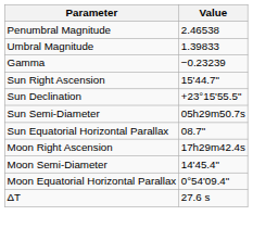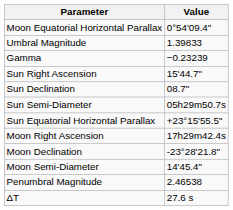 <table class="wikitable">
 <tr>
 <th>Parameter</th>
 <th>Value</th>
 </tr>
 <tr>
-<td>Penumbral Magnitude</td>
-<td>2.46538</td>
+<td>Moon Equatorial Horizontal Parallax</td>
+<td>0°54'09.4"</td>
 </tr>
 <tr>
 <td>Umbral Magnitude</td>
 <td>1.39833</td>
 </tr>
 <tr>
 <td>Gamma</td>
 <td>−0.23239</td>
 </tr>
 <tr>
 <td>Sun Right Ascension</td>
 <td>15'44.7"</td>
 </tr>
 <tr>
 <td>Sun Declination</td>
-<td>+23°15'55.5"</td>
+<td>08.7"</td>
 </tr>
 <tr>
 <td>Sun Semi-Diameter</td>
 <td>05h29m50.7s</td>
 </tr>
 <tr>
 <td>Sun Equatorial Horizontal Parallax</td>
-<td>08.7"</td>
+<td>+23°15'55.5"</td>
 </tr>
 <tr>
 <td>Moon Right Ascension</td>
 <td>17h29m42.4s</td>
 </tr>
 <tr>
+<td>Moon Declination</td>
+<td>-23°28'21.8"</td>
+</tr>
+<tr>
 <td>Moon Semi-Diameter</td>
 <td>14'45.4"</td>
 </tr>
 <tr>
-<td>Moon Equatorial Horizontal Parallax</td>
-<td>0°54'09.4"</td>
+<td>Penumbral Magnitude</td>
+<td>2.46538</td>
 </tr>
 <tr>
 <td>ΔT</td>
 <td>27.6 s</td>
 </tr>
 </table>
